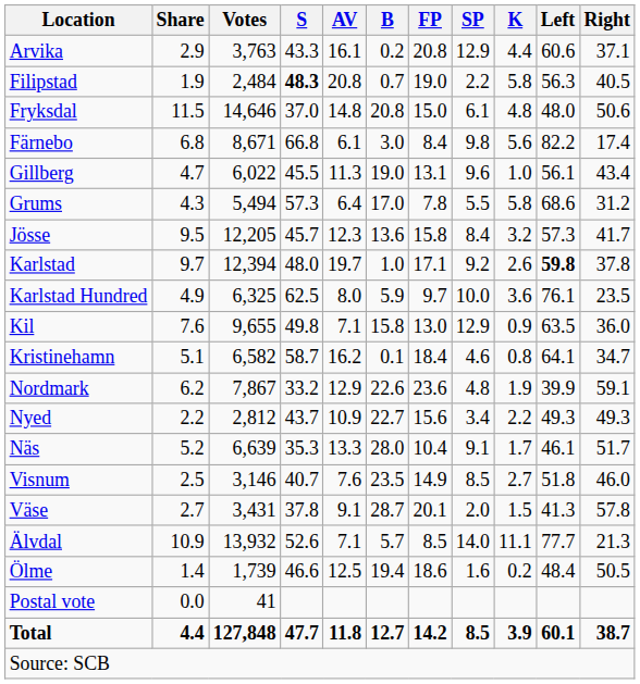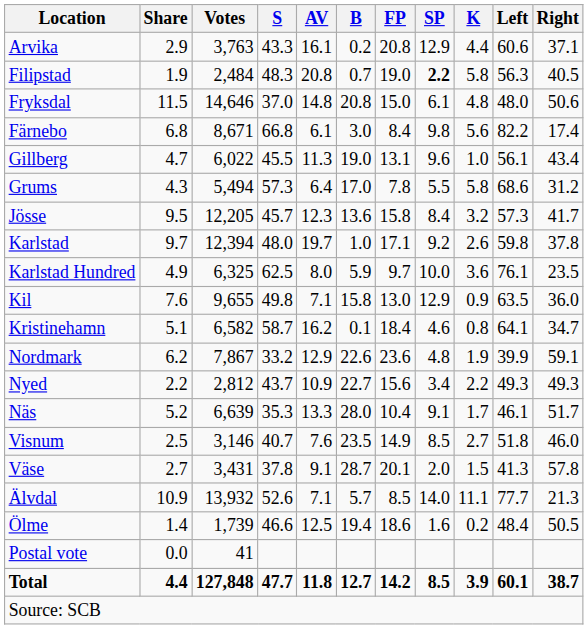 <table class="wikitable sortable" style=text-align:right>
 <tr>
 <th>Location</th>
 <th>Share</th>
 <th>Votes</th>
 <th><a href='#'>S</a></th>
 <th><a href='#'>AV</a></th>
 <th><a href='#'>B</a></th>
 <th><a href='#'>FP</a></th>
 <th><a href='#'>SP</a></th>
 <th><a href='#'>K</a></th>
 <th>Left</th>
 <th>Right</th>
 </tr>
 <tr>
 <td align=left><a href='#'>Arvika</a></td>
 <td>2.9</td>
 <td>3,763</td>
 <td>43.3</td>
 <td>16.1</td>
 <td>0.2</td>
 <td>20.8</td>
 <td>12.9</td>
 <td>4.4</td>
 <td>60.6</td>
 <td>37.1</td>
 </tr>
 <tr>
 <td align=left><a href='#'>Filipstad</a></td>
 <td>1.9</td>
 <td>2,484</td>
-<td><strong>48.3</strong></td>
+<td>48.3</td>
 <td>20.8</td>
 <td>0.7</td>
 <td>19.0</td>
-<td>2.2</td>
+<td><strong>2.2</strong></td>
 <td>5.8</td>
 <td>56.3</td>
 <td>40.5</td>
 </tr>
 <tr>
 <td align=left><a href='#'>Fryksdal</a></td>
 <td>11.5</td>
 <td>14,646</td>
 <td>37.0</td>
 <td>14.8</td>
 <td>20.8</td>
 <td>15.0</td>
 <td>6.1</td>
 <td>4.8</td>
 <td>48.0</td>
 <td>50.6</td>
 </tr>
 <tr>
 <td align=left><a href='#'>Färnebo</a></td>
 <td>6.8</td>
 <td>8,671</td>
 <td>66.8</td>
 <td>6.1</td>
 <td>3.0</td>
 <td>8.4</td>
 <td>9.8</td>
 <td>5.6</td>
 <td>82.2</td>
 <td>17.4</td>
 </tr>
 <tr>
 <td align=left><a href='#'>Gillberg</a></td>
 <td>4.7</td>
 <td>6,022</td>
 <td>45.5</td>
 <td>11.3</td>
 <td>19.0</td>
 <td>13.1</td>
 <td>9.6</td>
 <td>1.0</td>
 <td>56.1</td>
 <td>43.4</td>
 </tr>
 <tr>
 <td align=left><a href='#'>Grums</a></td>
 <td>4.3</td>
 <td>5,494</td>
 <td>57.3</td>
 <td>6.4</td>
 <td>17.0</td>
 <td>7.8</td>
 <td>5.5</td>
 <td>5.8</td>
 <td>68.6</td>
 <td>31.2</td>
 </tr>
 <tr>
 <td align=left><a href='#'>Jösse</a></td>
 <td>9.5</td>
 <td>12,205</td>
 <td>45.7</td>
 <td>12.3</td>
 <td>13.6</td>
 <td>15.8</td>
 <td>8.4</td>
 <td>3.2</td>
 <td>57.3</td>
 <td>41.7</td>
 </tr>
 <tr>
 <td align=left><a href='#'>Karlstad</a></td>
 <td>9.7</td>
 <td>12,394</td>
 <td>48.0</td>
 <td>19.7</td>
 <td>1.0</td>
 <td>17.1</td>
 <td>9.2</td>
 <td>2.6</td>
-<td><strong>59.8</strong></td>
+<td>59.8</td>
 <td>37.8</td>
 </tr>
 <tr>
 <td align=left><a href='#'>Karlstad Hundred</a></td>
 <td>4.9</td>
 <td>6,325</td>
 <td>62.5</td>
 <td>8.0</td>
 <td>5.9</td>
 <td>9.7</td>
 <td>10.0</td>
 <td>3.6</td>
 <td>76.1</td>
 <td>23.5</td>
 </tr>
 <tr>
 <td align=left><a href='#'>Kil</a></td>
 <td>7.6</td>
 <td>9,655</td>
 <td>49.8</td>
 <td>7.1</td>
 <td>15.8</td>
 <td>13.0</td>
 <td>12.9</td>
 <td>0.9</td>
 <td>63.5</td>
 <td>36.0</td>
 </tr>
 <tr>
 <td align=left><a href='#'>Kristinehamn</a></td>
 <td>5.1</td>
 <td>6,582</td>
 <td>58.7</td>
 <td>16.2</td>
 <td>0.1</td>
 <td>18.4</td>
 <td>4.6</td>
 <td>0.8</td>
 <td>64.1</td>
 <td>34.7</td>
 </tr>
 <tr>
 <td align=left><a href='#'>Nordmark</a></td>
 <td>6.2</td>
 <td>7,867</td>
 <td>33.2</td>
 <td>12.9</td>
 <td>22.6</td>
 <td>23.6</td>
 <td>4.8</td>
 <td>1.9</td>
 <td>39.9</td>
 <td>59.1</td>
 </tr>
 <tr>
 <td align=left><a href='#'>Nyed</a></td>
 <td>2.2</td>
 <td>2,812</td>
 <td>43.7</td>
 <td>10.9</td>
 <td>22.7</td>
 <td>15.6</td>
 <td>3.4</td>
 <td>2.2</td>
 <td>49.3</td>
 <td>49.3</td>
 </tr>
 <tr>
 <td align=left><a href='#'>Näs</a></td>
 <td>5.2</td>
 <td>6,639</td>
 <td>35.3</td>
 <td>13.3</td>
 <td>28.0</td>
 <td>10.4</td>
 <td>9.1</td>
 <td>1.7</td>
 <td>46.1</td>
 <td>51.7</td>
 </tr>
 <tr>
 <td align=left><a href='#'>Visnum</a></td>
 <td>2.5</td>
 <td>3,146</td>
 <td>40.7</td>
 <td>7.6</td>
 <td>23.5</td>
 <td>14.9</td>
 <td>8.5</td>
 <td>2.7</td>
 <td>51.8</td>
 <td>46.0</td>
 </tr>
 <tr>
 <td align=left><a href='#'>Väse</a></td>
 <td>2.7</td>
 <td>3,431</td>
 <td>37.8</td>
 <td>9.1</td>
 <td>28.7</td>
 <td>20.1</td>
 <td>2.0</td>
 <td>1.5</td>
 <td>41.3</td>
 <td>57.8</td>
 </tr>
 <tr>
 <td align=left><a href='#'>Älvdal</a></td>
 <td>10.9</td>
 <td>13,932</td>
 <td>52.6</td>
 <td>7.1</td>
 <td>5.7</td>
 <td>8.5</td>
 <td>14.0</td>
 <td>11.1</td>
 <td>77.7</td>
 <td>21.3</td>
 </tr>
 <tr>
 <td align=left><a href='#'>Ölme</a></td>
 <td>1.4</td>
 <td>1,739</td>
 <td>46.6</td>
 <td>12.5</td>
 <td>19.4</td>
 <td>18.6</td>
 <td>1.6</td>
 <td>0.2</td>
 <td>48.4</td>
 <td>50.5</td>
 </tr>
 <tr>
 <td align=left><a href='#'>Postal vote</a></td>
 <td>0.0</td>
 <td>41</td>
 <td></td>
 <td></td>
 <td></td>
 <td></td>
 <td></td>
 <td></td>
 <td></td>
 <td></td>
 </tr>
 <tr>
 <td align=left><strong>Total</strong></td>
 <td><strong>4.4</strong></td>
 <td><strong>127,848</strong></td>
 <td><strong>47.7</strong></td>
 <td><strong>11.8</strong></td>
 <td><strong>12.7</strong></td>
 <td><strong>14.2</strong></td>
 <td><strong>8.5</strong></td>
 <td><strong>3.9</strong></td>
 <td><strong>60.1</strong></td>
 <td><strong>38.7</strong></td>
 </tr>
 <tr>
 <td align=left colspan=11>Source: SCB </td>
 </tr>
 </table>
